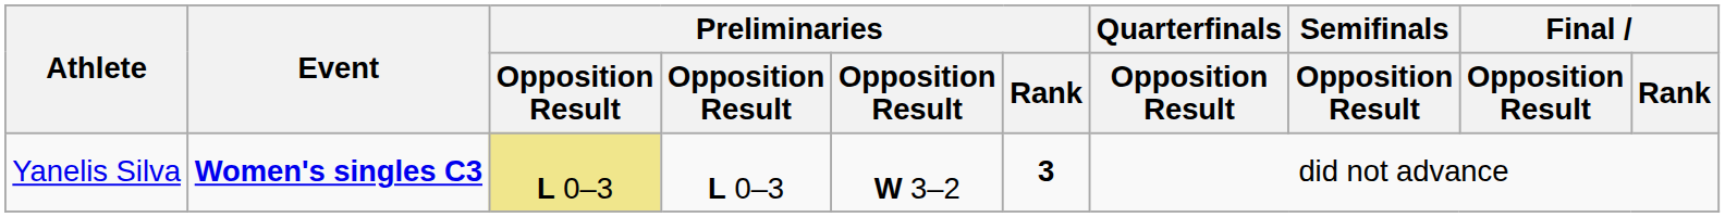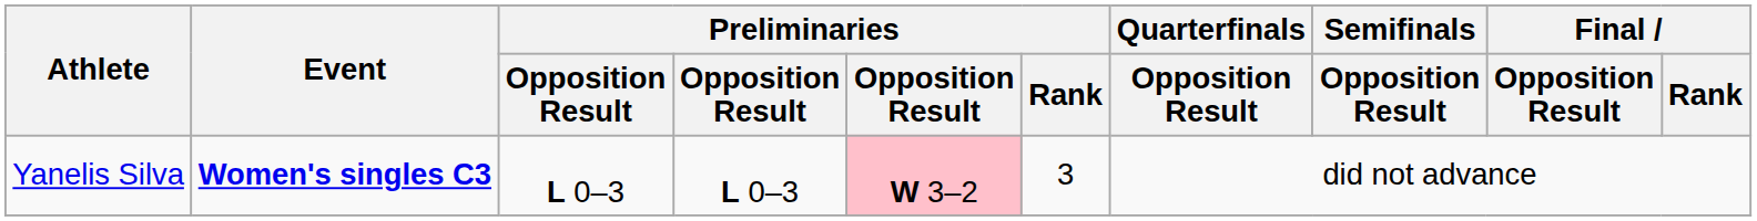 <table class=wikitable style="font-size:90%">
 <tr>
 <th rowspan="2">Athlete</th>
 <th rowspan="2">Event</th>
 <th colspan="4">Preliminaries</th>
 <th>Quarterfinals</th>
 <th>Semifinals</th>
 <th colspan="2">Final / </th>
 </tr>
 <tr>
 <th>Opposition<br>Result</th>
 <th>Opposition<br>Result</th>
 <th>Opposition<br>Result</th>
 <th>Rank</th>
 <th>Opposition<br>Result</th>
 <th>Opposition<br>Result</th>
 <th>Opposition<br>Result</th>
 <th>Rank</th>
 </tr>
 <tr>
 <td><a href='#'>Yanelis Silva</a></td>
 <td><strong><a href='#'>Women's singles C3</a></strong></td>
-<td align="center" style="background: khaki;"><br><strong>L</strong> 0–3</td>
 <td align="center"><br><strong>L</strong> 0–3</td>
-<td align="center"><br><strong>W</strong> 3–2</td>
-<td align="center"><strong>3</strong></td>
+<td align="center"><br><strong>L</strong> 0–3</td>
+<td align="center" style="background: pink;"><br><strong>W</strong> 3–2</td>
+<td align="center">3</td>
 <td align="center" colspan="4">did not advance</td>
 </tr>
 </table>
